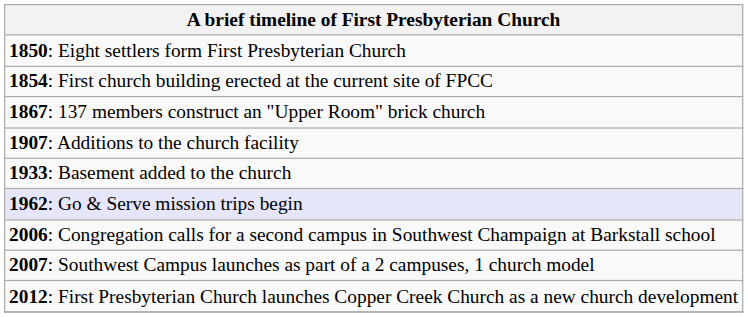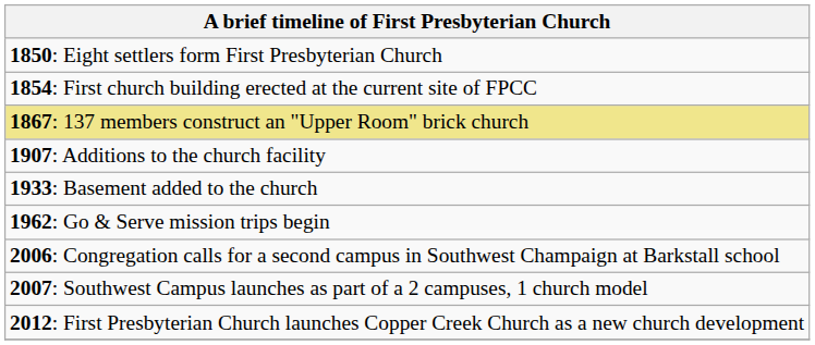 <table class="wikitable">
 <tr>
 <th>A brief timeline of First Presbyterian Church</th>
 </tr>
 <tr>
 <td><strong>1850</strong>: Eight settlers form First Presbyterian Church</td>
 </tr>
 <tr>
 <td><strong>1854</strong>: First church building erected at the current site of FPCC</td>
 </tr>
 <tr>
-<td><strong>1867</strong>: 137 members construct an "Upper Room" brick church</td>
+<td style="background: khaki;"><strong>1867</strong>: 137 members construct an "Upper Room" brick church</td>
 </tr>
 <tr>
 <td><strong>1907</strong>: Additions to the church facility</td>
 </tr>
 <tr>
 <td><strong>1933</strong>: Basement added to the church</td>
 </tr>
 <tr>
-<td style="background: lavender;"><strong>1962</strong>: Go & Serve mission trips begin</td>
+<td><strong>1962</strong>: Go & Serve mission trips begin</td>
 </tr>
 <tr>
 <td><strong>2006</strong>: Congregation calls for a second campus in Southwest Champaign at Barkstall school</td>
 </tr>
 <tr>
 <td><strong>2007</strong>: Southwest Campus launches as part of a 2 campuses, 1 church model</td>
 </tr>
 <tr>
 <td><strong>2012</strong>: First Presbyterian Church launches Copper Creek Church as a new church development</td>
 </tr>
 <tr>
 </tr>
 </table>
